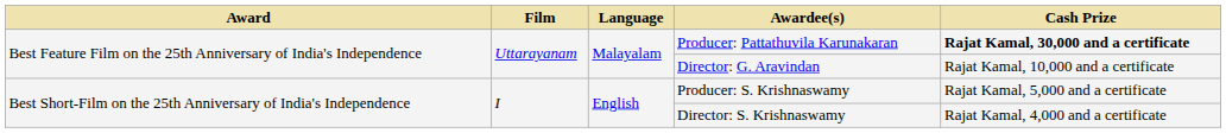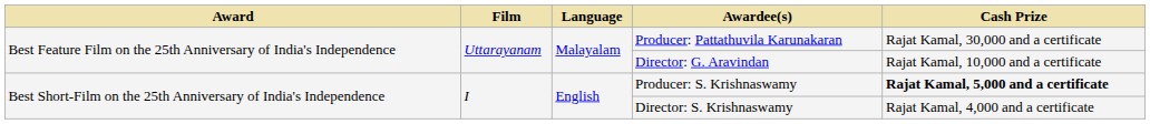 <table class="wikitable sortable" style="width:100%;">
 <tr>
 <th style="background-color:#EFE4B0;width:40%;">Award</th>
 <th style="background-color:#EFE4B0;width:8%;">Film</th>
 <th style="background-color:#EFE4B0;width:7%;">Language</th>
 <th style="background-color:#EFE4B0;width:22%;">Awardee(s)</th>
 <th style="background-color:#EFE4B0;width:23%;">Cash Prize</th>
 </tr>
 <tr style="background-color:#F4F4F4">
 <td rowspan="2">Best Feature Film on the 25th Anniversary of India's Independence</td>
 <td rowspan="2"><em><a href='#'>Uttarayanam</a></em></td>
 <td rowspan="2"><a href='#'>Malayalam</a></td>
 <td><a href='#'>Producer</a>: <a href='#'>Pattathuvila Karunakaran</a></td>
-<td><strong>Rajat Kamal, 30,000 and a certificate</strong></td>
+<td>Rajat Kamal, 30,000 and a certificate</td>
 </tr>
 <tr style="background-color:#F4F4F4">
 <td><a href='#'>Director</a>: <a href='#'>G. Aravindan</a></td>
 <td>Rajat Kamal, 10,000 and a certificate</td>
 </tr>
 <tr style="background-color:#F4F4F4">
 <td rowspan="2">Best Short-Film on the 25th Anniversary of India's Independence</td>
 <td rowspan="2"><em>I</em></td>
 <td rowspan="2"><a href='#'>English</a></td>
 <td>Producer: S. Krishnaswamy</td>
-<td>Rajat Kamal, 5,000 and a certificate</td>
+<td><strong>Rajat Kamal, 5,000 and a certificate</strong></td>
 </tr>
 <tr style="background-color:#F4F4F4">
 <td>Director:  S. Krishnaswamy</td>
 <td>Rajat Kamal, 4,000 and a certificate</td>
 </tr>
 </table>
